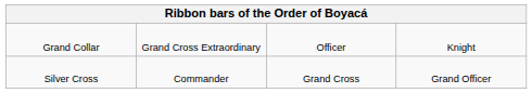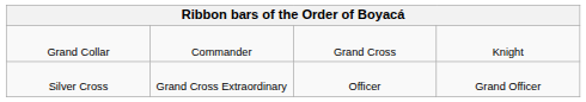 <table align=center class=wikitable width=55% style="margin:1em auto;">
 <tr>
 <th colspan=8>Ribbon bars of the Order of Boyacá</th>
 </tr>
 <tr>
 <td width=25% valign=top align=center><br><small>Grand Collar</small></td>
-<td width=25% valign=top align=center><br><small>Grand Cross Extraordinary</small></td>
-<td width=25% valign=top align=center><br><small>Officer</small></td>
+<td width=25% valign=top align=center><br><small>Commander</small></td>
+<td width=25% valign=top align=center><br><small>Grand Cross</small></td>
 <td width=25% valign=top align=center><br><small>Knight</small></td>
 </tr>
 <tr>
 <td width=25% valign=top align=center><br><small>Silver Cross</small></td>
-<td width=25% valign=top align=center><br><small>Commander</small></td>
-<td width=25% valign=top align=center><br><small>Grand Cross</small></td>
+<td width=25% valign=top align=center><br><small>Grand Cross Extraordinary</small></td>
+<td width=25% valign=top align=center><br><small>Officer</small></td>
 <td width=25% valign=top align=center><br><small>Grand Officer</small></td>
 </tr>
 </table>
